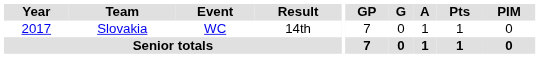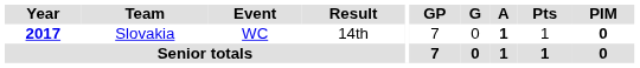 <table border="0" cellpadding="1" cellspacing="0" ID="Table3" style="text-align:center; width:40em">
 <tr ALIGN="center" bgcolor="#e0e0e0">
 <th>Year</th>
 <th>Team</th>
 <th>Event</th>
 <th>Result</th>
 <th rowspan="99" bgcolor="#ffffff"></th>
 <th>GP</th>
 <th>G</th>
 <th>A</th>
 <th>Pts</th>
 <th>PIM</th>
 </tr>
 <tr>
-<td><a href='#'>2017</a></td>
+<td><strong><a href='#'>2017</a></strong></td>
 <td><a href='#'>Slovakia</a></td>
 <td><a href='#'>WC</a></td>
 <td>14th</td>
 <td>7</td>
 <td>0</td>
+<td><strong>1</strong></td>
 <td>1</td>
-<td>1</td>
-<td>0</td>
+<td><strong>0</strong></td>
 </tr>
 <tr bgcolor="#e0e0e0">
 <th colspan=4>Senior totals</th>
 <th>7</th>
 <th>0</th>
 <th>1</th>
 <th>1</th>
 <th>0</th>
 </tr>
 </table>
